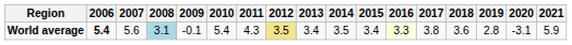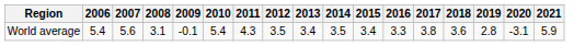 <table class="wikitable" style="text-align: center;">
 <tr>
 <th>Region</th>
 <th>2006</th>
 <th>2007</th>
 <th>2008</th>
 <th>2009</th>
 <th>2010</th>
 <th>2011</th>
 <th>2012</th>
 <th>2013</th>
 <th>2014</th>
 <th>2015</th>
 <th>2016</th>
 <th>2017</th>
 <th>2018</th>
 <th>2019</th>
 <th>2020</th>
 <th>2021</th>
 </tr>
 <tr>
-<td align=left><strong>World average</strong></td>
-<td><strong>5.4</strong></td>
+<td align=left>World average</td>
+<td>5.4</td>
 <td>5.6</td>
-<td style="background: lightblue;">3.1</td>
+<td>3.1</td>
 <td>-0.1</td>
 <td>5.4</td>
 <td>4.3</td>
-<td style="background: khaki;">3.5</td>
+<td>3.5</td>
 <td>3.4</td>
 <td>3.5</td>
 <td>3.4</td>
-<td style="background: lightyellow;">3.3</td>
+<td>3.3</td>
 <td>3.8</td>
 <td>3.6</td>
 <td>2.8</td>
 <td>-3.1</td>
 <td>5.9</td>
 </tr>
 </table>
